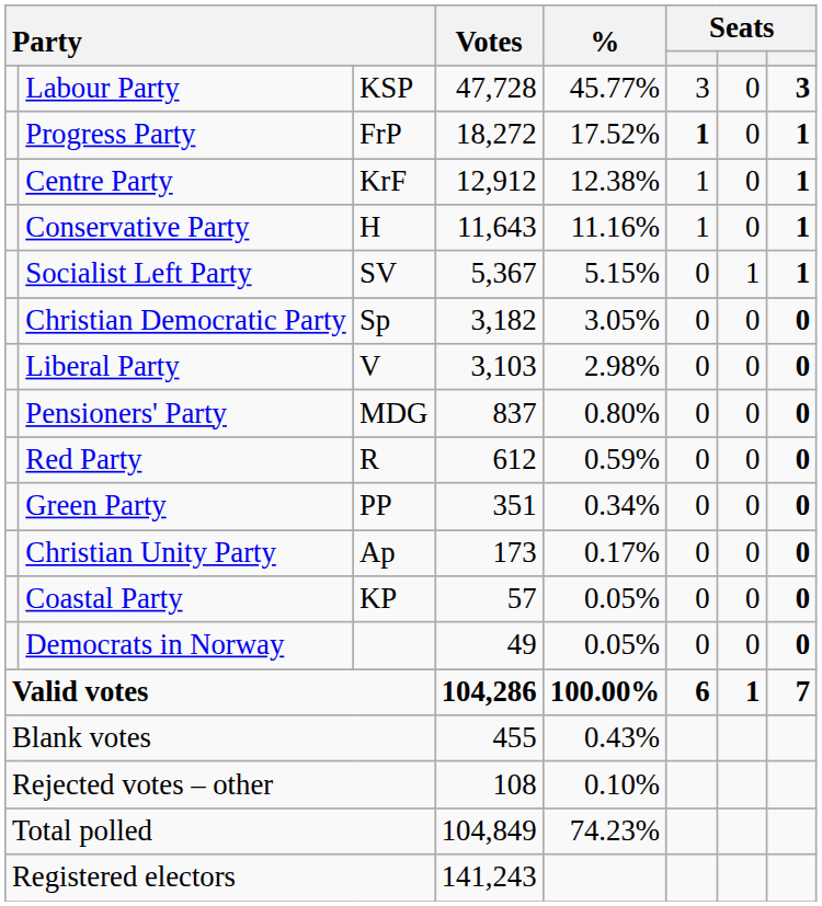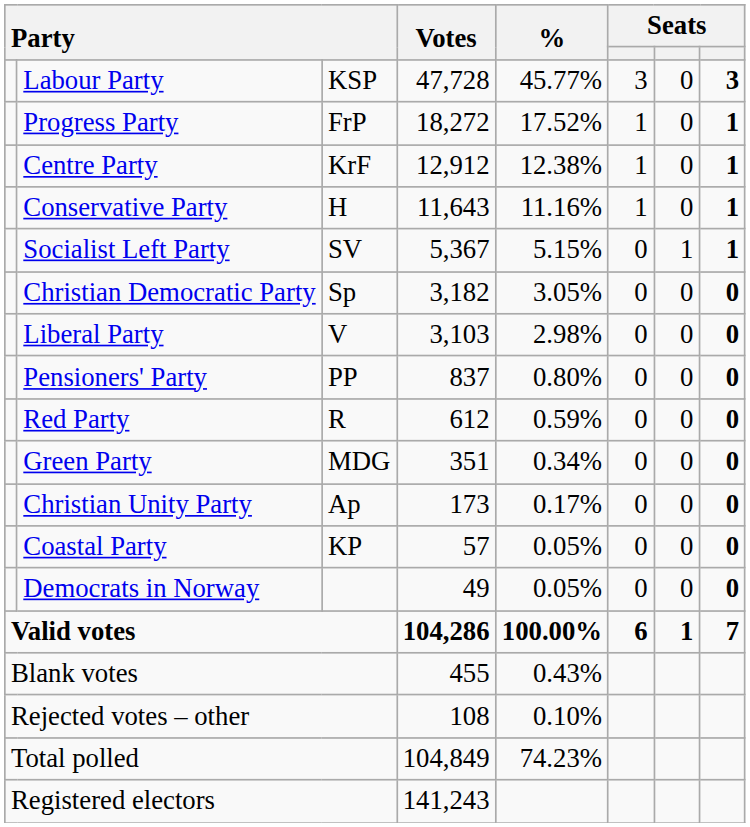 <table class="wikitable" border="1" style="text-align:right;">
 <tr>
 <th style="text-align:left;" valign=bottom rowspan=2 colspan=3>Party</th>
 <th align=center valign=bottom rowspan=2 width="50">Votes</th>
 <th align=center valign=bottom rowspan=2 width="50">%</th>
 <th colspan=3>Seats</th>
 </tr>
 <tr>
 <th align=center valign=bottom width="20"><small></small></th>
 <th align=center valign=bottom width="20"><small><a href='#'></a></small></th>
 <th align=center valign=bottom width="20"><small></small></th>
 </tr>
 <tr>
 <td style="color:inherit;background:"></td>
 <td align=left><a href='#'>Labour Party</a></td>
 <td align=left>KSP</td>
 <td>47,728</td>
 <td>45.77%</td>
 <td>3</td>
 <td>0</td>
 <td><strong>3</strong></td>
 </tr>
 <tr>
 <td style="color:inherit;background:"></td>
 <td align=left><a href='#'>Progress Party</a></td>
 <td align=left>FrP</td>
 <td>18,272</td>
 <td>17.52%</td>
-<td><strong>1</strong></td>
+<td>1</td>
 <td>0</td>
 <td><strong>1</strong></td>
 </tr>
 <tr>
 <td style="color:inherit;background:"></td>
 <td align=left><a href='#'>Centre Party</a></td>
 <td align=left>KrF</td>
 <td>12,912</td>
 <td>12.38%</td>
 <td>1</td>
 <td>0</td>
 <td><strong>1</strong></td>
 </tr>
 <tr>
 <td style="color:inherit;background:"></td>
 <td align=left><a href='#'>Conservative Party</a></td>
 <td align=left>H</td>
 <td>11,643</td>
 <td>11.16%</td>
 <td>1</td>
 <td>0</td>
 <td><strong>1</strong></td>
 </tr>
 <tr>
 <td style="color:inherit;background:"></td>
 <td align=left><a href='#'>Socialist Left Party</a></td>
 <td align=left>SV</td>
 <td>5,367</td>
 <td>5.15%</td>
 <td>0</td>
 <td>1</td>
 <td><strong>1</strong></td>
 </tr>
 <tr>
 <td style="color:inherit;background:"></td>
 <td align=left><a href='#'>Christian Democratic Party</a></td>
 <td align=left>Sp</td>
 <td>3,182</td>
 <td>3.05%</td>
 <td>0</td>
 <td>0</td>
 <td><strong>0</strong></td>
 </tr>
 <tr>
 <td style="color:inherit;background:"></td>
 <td align=left><a href='#'>Liberal Party</a></td>
 <td align=left>V</td>
 <td>3,103</td>
 <td>2.98%</td>
 <td>0</td>
 <td>0</td>
 <td><strong>0</strong></td>
 </tr>
 <tr>
 <td style="color:inherit;background:"></td>
 <td align=left><a href='#'>Pensioners' Party</a></td>
-<td align=left>MDG</td>
+<td align=left>PP</td>
 <td>837</td>
 <td>0.80%</td>
 <td>0</td>
 <td>0</td>
 <td><strong>0</strong></td>
 </tr>
 <tr>
 <td style="color:inherit;background:"></td>
 <td align=left><a href='#'>Red Party</a></td>
 <td align=left>R</td>
 <td>612</td>
 <td>0.59%</td>
 <td>0</td>
 <td>0</td>
 <td><strong>0</strong></td>
 </tr>
 <tr>
 <td style="color:inherit;background:"></td>
 <td align=left><a href='#'>Green Party</a></td>
-<td align=left>PP</td>
+<td align=left>MDG</td>
 <td>351</td>
 <td>0.34%</td>
 <td>0</td>
 <td>0</td>
 <td><strong>0</strong></td>
 </tr>
 <tr>
 <td style="color:inherit;background:"></td>
 <td align=left><a href='#'>Christian Unity Party</a></td>
 <td align=left>Ap</td>
 <td>173</td>
 <td>0.17%</td>
 <td>0</td>
 <td>0</td>
 <td><strong>0</strong></td>
 </tr>
 <tr>
 <td style="color:inherit;background:"></td>
 <td align=left><a href='#'>Coastal Party</a></td>
 <td align=left>KP</td>
 <td>57</td>
 <td>0.05%</td>
 <td>0</td>
 <td>0</td>
 <td><strong>0</strong></td>
 </tr>
 <tr>
 <td style="color:inherit;background:"></td>
 <td align=left><a href='#'>Democrats in Norway</a></td>
 <td align=left></td>
 <td>49</td>
 <td>0.05%</td>
 <td>0</td>
 <td>0</td>
 <td><strong>0</strong></td>
 </tr>
 <tr style="font-weight:bold">
 <td align=left colspan=3>Valid votes</td>
 <td>104,286</td>
 <td>100.00%</td>
 <td>6</td>
 <td>1</td>
 <td>7</td>
 </tr>
 <tr>
 <td align=left colspan=3>Blank votes</td>
 <td>455</td>
 <td>0.43%</td>
 <td></td>
 <td></td>
 <td></td>
 </tr>
 <tr>
 <td align=left colspan=3>Rejected votes – other</td>
 <td>108</td>
 <td>0.10%</td>
 <td></td>
 <td></td>
 <td></td>
 </tr>
 <tr>
 <td align=left colspan=3>Total polled</td>
 <td>104,849</td>
 <td>74.23%</td>
 <td></td>
 <td></td>
 <td></td>
 </tr>
 <tr>
 <td align=left colspan=3>Registered electors</td>
 <td>141,243</td>
 <td></td>
 <td></td>
 <td></td>
 <td></td>
 </tr>
 </table>
